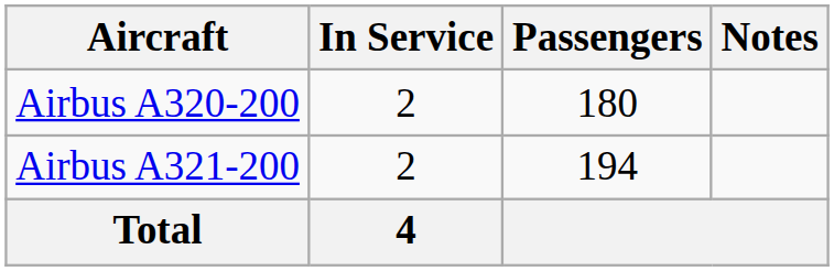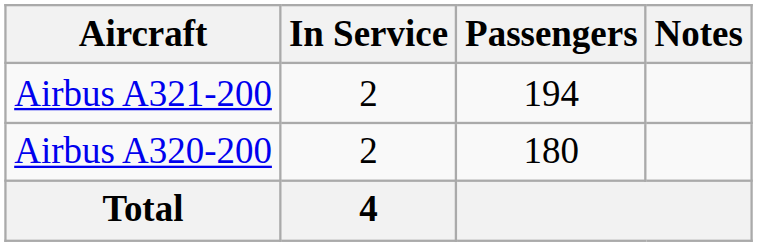 <table class="wikitable" style="margin:1em auto; border-collapse:collapse;text-align:center">
 <tr>
 <th>Aircraft</th>
 <th>In Service</th>
 <th>Passengers</th>
 <th>Notes</th>
 </tr>
 <tr>
+<td><a href='#'>Airbus A321-200</a></td>
+<td>2</td>
+<td>194</td>
+<td></td>
+</tr>
+<tr>
 <td><a href='#'>Airbus A320-200</a></td>
 <td>2</td>
 <td>180</td>
-<td></td>
-</tr>
-<tr>
-<td><a href='#'>Airbus A321-200</a></td>
-<td>2</td>
-<td>194</td>
 <td></td>
 </tr>
 <tr>
 <th>Total</th>
 <th>4</th>
 <th colspan="2"></th>
 </tr>
 </table>
